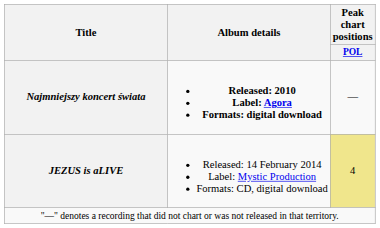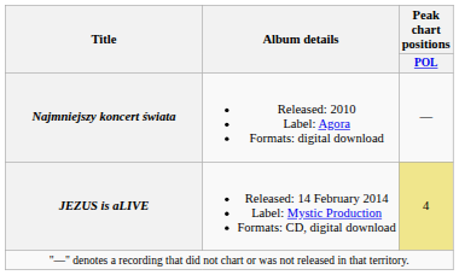 <table class="wikitable plainrowheaders" style="text-align:center;">
 <tr>
 <th scope="col" rowspan="2" style="width:15em;">Title</th>
 <th scope="col" rowspan="2">Album details</th>
 <th scope="col" colspan="1">Peak chart positions</th>
 </tr>
 <tr>
 <th scope="col" style="width:3em;font-size:90%;"><a href='#'>POL</a><br></th>
 </tr>
 <tr>
 <th scope="row"><em>Najmniejszy koncert świata</em></th>
-<td><strong><br><ul><li>Released: 2010</li><li>Label: <a href='#'>Agora</a></li><li>Formats: digital download</li></ul></strong></td>
+<td><br><ul><li>Released: 2010</li><li>Label: <a href='#'>Agora</a></li><li>Formats: digital download</li></ul></td>
 <td>—</td>
 </tr>
 <tr>
 <th scope="row"><em>JEZUS is aLIVE</em></th>
 <td><br><ul><li>Released: 14 February 2014</li><li>Label: <a href='#'>Mystic Production</a></li><li>Formats: CD, digital download</li></ul></td>
 <td style="background: khaki;">4</td>
 </tr>
 <tr>
 <td colspan="20" style="font-size:90%">"—" denotes a recording that did not chart or was not released in that territory.</td>
 </tr>
 </table>
